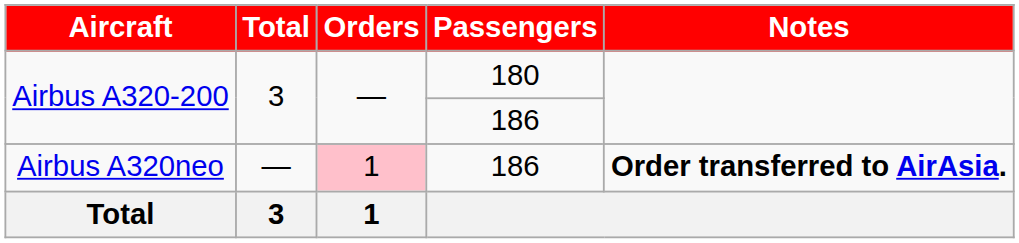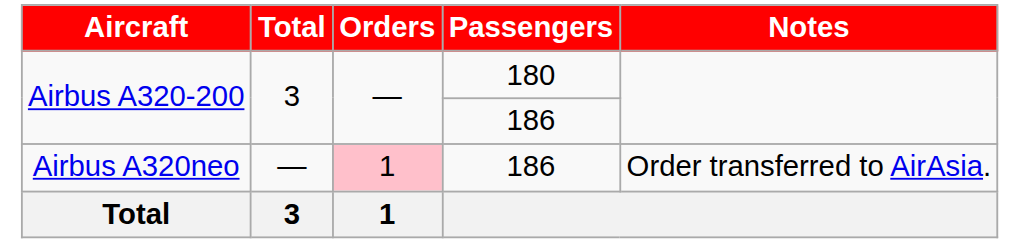 <table class="wikitable" style="margin:1em auto; border-collapse:collapse;text-align:center">
 <tr>
 <th style="background:red; color:white;">Aircraft</th>
 <th style="background:red; color:white;">Total</th>
 <th style="background:red; color:white;">Orders</th>
 <th style="background:red; color:white;">Passengers</th>
 <th style="background:red; color:white;">Notes</th>
 </tr>
 <tr>
 <td rowspan="2"><a href='#'>Airbus A320-200</a></td>
 <td rowspan="2">3</td>
 <td rowspan="2">—</td>
 <td>180</td>
 <td rowspan="2"></td>
 </tr>
 <tr>
 <td>186</td>
 </tr>
 <tr>
 <td><a href='#'>Airbus A320neo</a></td>
 <td>—</td>
 <td style="background: pink;">1</td>
 <td>186</td>
-<td><strong>Order transferred to <a href='#'>AirAsia</a>.</strong></td>
+<td>Order transferred to <a href='#'>AirAsia</a>.</td>
 </tr>
 <tr>
 <th>Total</th>
 <th>3</th>
 <th>1</th>
 <th colspan="2"></th>
 </tr>
 </table>
